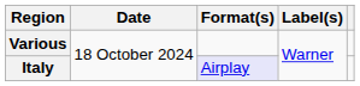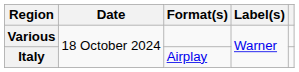 <table class="wikitable plainrowheaders">
 <tr>
 <th scope="col">Region</th>
 <th scope="col">Date</th>
 <th scope="col">Format(s)</th>
 <th scope="col">Label(s)</th>
 <th scope="col"></th>
 </tr>
 <tr>
 <th scope="row">Various</th>
 <td rowspan="2">18 October 2024</td>
 <td></td>
 <td rowspan="2"><a href='#'>Warner</a></td>
 <td style="text-align:center;"></td>
 </tr>
 <tr>
 <th scope="row">Italy</th>
-<td style="background: lavender;"><a href='#'>Airplay</a></td>
+<td><a href='#'>Airplay</a></td>
 <td style="text-align:center;"></td>
 </tr>
 </table>
